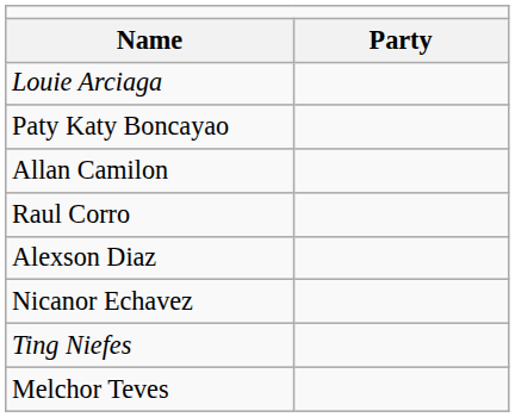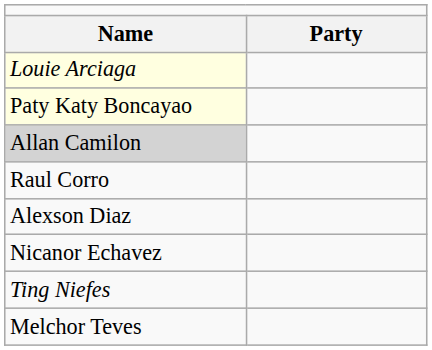 <table class=wikitable style="font-size:90%">
 <tr>
 <td colspan=4 bgcolor=></td>
 </tr>
 <tr>
 <th width=150px>Name</th>
 <th colspan=2 width=110px>Party</th>
 </tr>
 <tr>
-<td><em>Louie Arciaga</em></td>
+<td style="background: lightyellow;"><em>Louie Arciaga</em></td>
 <td></td>
 </tr>
 <tr>
-<td>Paty Katy Boncayao</td>
+<td style="background: lightyellow;">Paty Katy Boncayao</td>
 <td></td>
 </tr>
 <tr>
-<td>Allan Camilon</td>
+<td style="background: lightgrey;">Allan Camilon</td>
 <td></td>
 </tr>
 <tr>
 <td>Raul Corro</td>
 <td></td>
 </tr>
 <tr>
 <td>Alexson Diaz</td>
 <td></td>
 </tr>
 <tr>
 <td>Nicanor Echavez</td>
 <td></td>
 </tr>
 <tr>
 <td><em> Ting Niefes</em></td>
 <td></td>
 </tr>
 <tr>
 <td>Melchor Teves</td>
 <td></td>
 </tr>
 </table>
